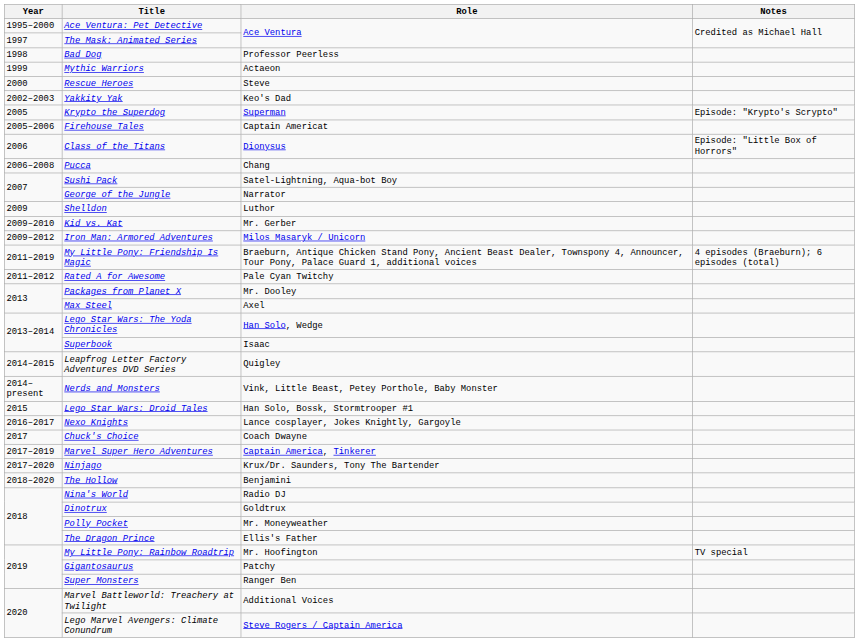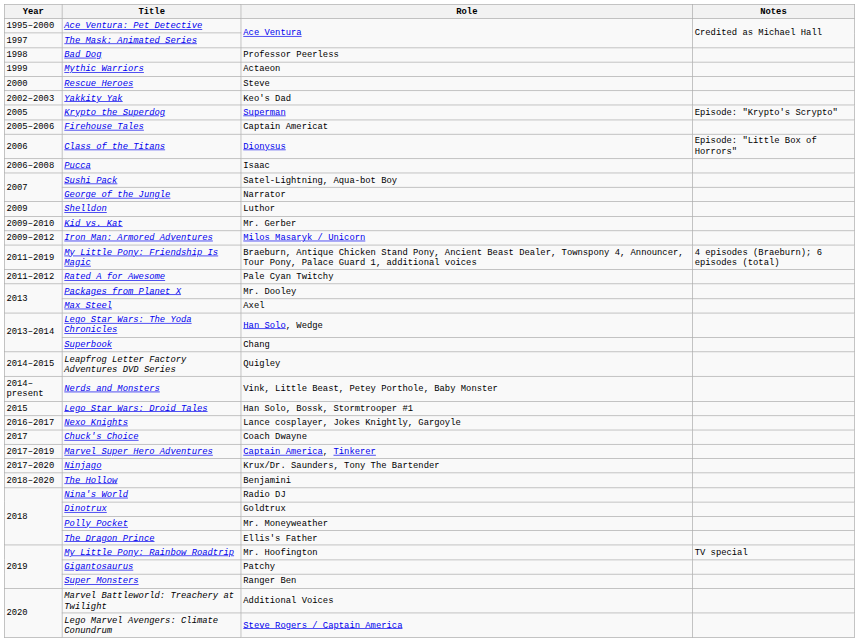 <table class="wikitable sortable">
 <tr>
 <th>Year</th>
 <th>Title</th>
 <th>Role</th>
 <th>Notes</th>
 </tr>
 <tr>
 <td>1995–2000</td>
 <td><em><a href='#'>Ace Ventura: Pet Detective</a></em></td>
 <td rowspan="2"><a href='#'>Ace Ventura</a></td>
 <td rowspan="2">Credited as Michael Hall</td>
 </tr>
 <tr>
 <td>1997</td>
 <td><em><a href='#'>The Mask: Animated Series</a></em></td>
 </tr>
 <tr>
 <td>1998</td>
 <td><em><a href='#'>Bad Dog</a></em></td>
 <td>Professor Peerless</td>
 <td></td>
 </tr>
 <tr>
 <td>1999</td>
 <td><em><a href='#'>Mythic Warriors</a></em></td>
 <td>Actaeon</td>
 <td></td>
 </tr>
 <tr>
 <td>2000</td>
 <td><em><a href='#'>Rescue Heroes</a></em></td>
 <td>Steve</td>
 <td></td>
 </tr>
 <tr>
 <td>2002–2003</td>
 <td><em><a href='#'>Yakkity Yak</a></em></td>
 <td>Keo's Dad</td>
 <td></td>
 </tr>
 <tr>
 <td>2005</td>
 <td><em><a href='#'>Krypto the Superdog</a></em></td>
 <td><a href='#'>Superman</a></td>
 <td>Episode: "Krypto's Scrypto"</td>
 </tr>
 <tr>
 <td>2005–2006</td>
 <td><em><a href='#'>Firehouse Tales</a></em></td>
 <td>Captain Americat</td>
 <td></td>
 </tr>
 <tr>
 <td>2006</td>
 <td><em><a href='#'>Class of the Titans</a></em></td>
 <td><a href='#'>Dionysus</a></td>
 <td>Episode: "Little Box of Horrors"</td>
 </tr>
 <tr>
 <td>2006–2008</td>
 <td><em><a href='#'>Pucca</a></em></td>
-<td>Chang</td>
+<td>Isaac</td>
 <td></td>
 </tr>
 <tr>
 <td rowspan="2">2007</td>
 <td><em><a href='#'>Sushi Pack</a></em></td>
 <td>Satel-Lightning, Aqua-bot Boy</td>
 <td></td>
 </tr>
 <tr>
 <td><em><a href='#'>George of the Jungle</a></em></td>
 <td>Narrator</td>
 <td></td>
 </tr>
 <tr>
 <td>2009</td>
 <td><em><a href='#'>Shelldon</a></em></td>
 <td>Luthor</td>
 <td></td>
 </tr>
 <tr>
 <td>2009–2010</td>
 <td><em><a href='#'>Kid vs. Kat</a></em></td>
 <td>Mr. Gerber</td>
 <td></td>
 </tr>
 <tr>
 <td>2009–2012</td>
 <td><em><a href='#'>Iron Man: Armored Adventures</a></em></td>
 <td><a href='#'>Milos Masaryk / Unicorn</a></td>
 <td></td>
 </tr>
 <tr>
 <td>2011–2019</td>
 <td><em><a href='#'>My Little Pony: Friendship Is Magic</a></em></td>
 <td>Braeburn, Antique Chicken Stand Pony, Ancient Beast Dealer, Townspony 4, Announcer, Tour Pony, Palace Guard 1, additional voices</td>
 <td>4 episodes (Braeburn); 6 episodes (total)</td>
 </tr>
 <tr>
 <td>2011–2012</td>
 <td><em><a href='#'>Rated A for Awesome</a></em></td>
 <td>Pale Cyan Twitchy</td>
 <td></td>
 </tr>
 <tr>
 <td rowspan="2">2013</td>
 <td><em><a href='#'>Packages from Planet X</a></em></td>
 <td>Mr. Dooley</td>
 <td></td>
 </tr>
 <tr>
 <td><em><a href='#'>Max Steel</a></em></td>
 <td>Axel</td>
 <td></td>
 </tr>
 <tr>
 <td rowspan="2">2013–2014</td>
 <td><em><a href='#'>Lego Star Wars: The Yoda Chronicles</a></em></td>
 <td><a href='#'>Han Solo</a>, Wedge</td>
 <td></td>
 </tr>
 <tr>
 <td><em><a href='#'>Superbook</a></em></td>
-<td>Isaac</td>
+<td>Chang</td>
 <td></td>
 </tr>
 <tr>
 <td>2014–2015</td>
 <td><em>Leapfrog Letter Factory Adventures DVD Series</em></td>
 <td>Quigley</td>
 <td></td>
 </tr>
 <tr>
 <td>2014–present</td>
 <td><em><a href='#'>Nerds and Monsters</a></em></td>
 <td>Vink, Little Beast, Petey Porthole, Baby Monster</td>
 <td></td>
 </tr>
 <tr>
 <td>2015</td>
 <td><em><a href='#'>Lego Star Wars: Droid Tales</a></em></td>
 <td>Han Solo, Bossk, Stormtrooper #1</td>
 <td></td>
 </tr>
 <tr>
 <td>2016–2017</td>
 <td><em><a href='#'>Nexo Knights</a></em></td>
 <td>Lance cosplayer, Jokes Knightly, Gargoyle</td>
 <td></td>
 </tr>
 <tr>
 <td>2017</td>
 <td><em><a href='#'>Chuck's Choice</a></em></td>
 <td>Coach Dwayne</td>
 <td></td>
 </tr>
 <tr>
 <td>2017–2019</td>
 <td><em><a href='#'>Marvel Super Hero Adventures</a></em></td>
 <td><a href='#'>Captain America</a>, <a href='#'>Tinkerer</a></td>
 <td></td>
 </tr>
 <tr>
 <td>2017–2020</td>
 <td><em><a href='#'>Ninjago</a></em></td>
 <td>Krux/Dr. Saunders, Tony The Bartender</td>
 <td></td>
 </tr>
 <tr>
 <td>2018–2020</td>
 <td><em><a href='#'>The Hollow</a></em></td>
 <td>Benjamini</td>
 <td></td>
 </tr>
 <tr>
 <td rowspan="4">2018</td>
 <td><em><a href='#'>Nina's World</a></em></td>
 <td>Radio DJ</td>
 <td></td>
 </tr>
 <tr>
 <td><em><a href='#'>Dinotrux</a></em></td>
 <td>Goldtrux</td>
 <td></td>
 </tr>
 <tr>
 <td><em><a href='#'>Polly Pocket</a></em></td>
 <td>Mr. Moneyweather</td>
 <td></td>
 </tr>
 <tr>
 <td><em><a href='#'>The Dragon Prince</a></em></td>
 <td>Ellis's Father</td>
 <td></td>
 </tr>
 <tr>
 <td rowspan="3">2019</td>
 <td><em><a href='#'>My Little Pony: Rainbow Roadtrip</a></em></td>
 <td>Mr. Hoofington</td>
 <td>TV special</td>
 </tr>
 <tr>
 <td><em><a href='#'>Gigantosaurus</a></em></td>
 <td>Patchy</td>
 <td></td>
 </tr>
 <tr>
 <td><em><a href='#'>Super Monsters</a></em></td>
 <td>Ranger Ben</td>
 <td></td>
 </tr>
 <tr>
 <td rowspan="2">2020</td>
 <td><em>Marvel Battleworld: Treachery at Twilight</em></td>
 <td>Additional Voices</td>
 <td></td>
 </tr>
 <tr>
 <td><em>Lego Marvel Avengers: Climate Conundrum</em></td>
 <td><a href='#'>Steve Rogers / Captain America</a></td>
 <td></td>
 </tr>
 </table>
